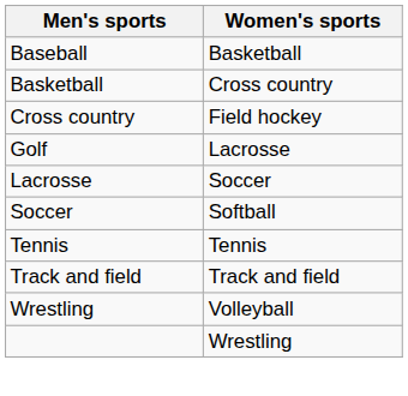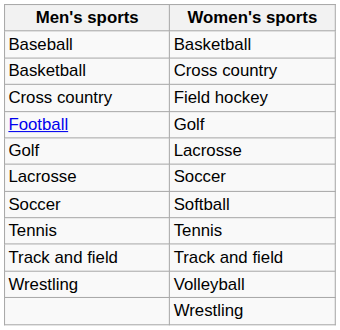 <table class="wikitable"; style= "text-align: ">
 <tr>
 <th width=150px>Men's sports</th>
 <th width=150px>Women's sports</th>
 </tr>
 <tr>
 <td>Baseball</td>
 <td>Basketball</td>
 </tr>
 <tr>
 <td>Basketball</td>
 <td>Cross country</td>
 </tr>
 <tr>
 <td>Cross country</td>
 <td>Field hockey</td>
+</tr>
+<tr>
+<td><a href='#'>Football</a></td>
+<td>Golf</td>
 </tr>
 <tr>
 <td>Golf</td>
 <td>Lacrosse</td>
 </tr>
 <tr>
 <td>Lacrosse</td>
 <td>Soccer</td>
 </tr>
 <tr>
 <td>Soccer</td>
 <td>Softball</td>
 </tr>
 <tr>
 <td>Tennis</td>
 <td>Tennis</td>
 </tr>
 <tr>
 <td>Track and field</td>
 <td>Track and field</td>
 </tr>
 <tr>
 <td>Wrestling</td>
 <td>Volleyball</td>
 </tr>
 <tr>
 <td></td>
 <td>Wrestling</td>
 </tr>
 </table>
